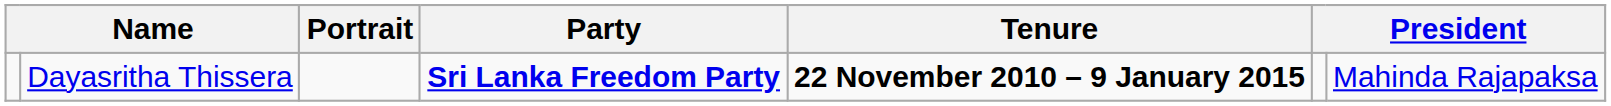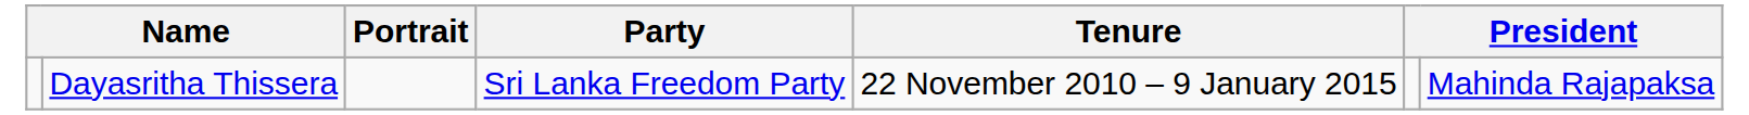 <table class="wikitable" style="font-size:90%; text-align:center; margin: 1em auto;">
 <tr>
 <th colspan="2">Name</th>
 <th>Portrait</th>
 <th>Party</th>
 <th>Tenure</th>
 <th colspan="2"><a href='#'>President</a></th>
 </tr>
 <tr>
 <td !align="center" style="background:"></td>
 <td><a href='#'>Dayasritha Thissera</a></td>
 <td></td>
-<td><strong><a href='#'>Sri Lanka Freedom Party</a></strong></td>
-<td><strong>22 November 2010 – 9 January 2015</strong></td>
+<td><a href='#'>Sri Lanka Freedom Party</a></td>
+<td>22 November 2010 – 9 January 2015</td>
 <td !align="center" style="background:"></td>
 <td><a href='#'>Mahinda Rajapaksa</a></td>
 </tr>
 </table>
